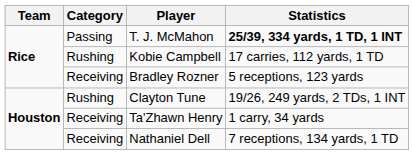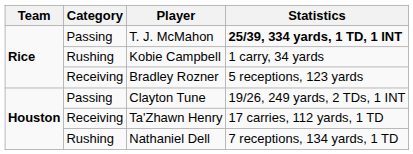 <table class="wikitable" style="float: right;">
 <tr>
 <th>Team</th>
 <th>Category</th>
 <th>Player</th>
 <th>Statistics</th>
 </tr>
 <tr>
 <td rowspan=3><strong>Rice</strong></td>
 <td>Passing</td>
 <td>T. J. McMahon</td>
 <td><strong>25/39, 334 yards, 1 TD, 1 INT</strong></td>
 </tr>
 <tr>
 <td>Rushing</td>
 <td>Kobie Campbell</td>
-<td>17 carries, 112 yards, 1 TD</td>
+<td>1 carry, 34 yards</td>
 </tr>
 <tr>
 <td>Receiving</td>
 <td>Bradley Rozner</td>
 <td>5 receptions, 123 yards</td>
 </tr>
 <tr>
 <td rowspan=3><strong>Houston</strong></td>
-<td>Rushing</td>
+<td>Passing</td>
 <td>Clayton Tune</td>
 <td>19/26, 249 yards, 2 TDs, 1 INT</td>
 </tr>
 <tr>
 <td>Receiving</td>
 <td>Ta'Zhawn Henry</td>
-<td>1 carry, 34 yards</td>
+<td>17 carries, 112 yards, 1 TD</td>
 </tr>
 <tr>
-<td>Receiving</td>
+<td>Rushing</td>
 <td>Nathaniel Dell</td>
 <td>7 receptions, 134 yards, 1 TD</td>
 </tr>
 </table>
